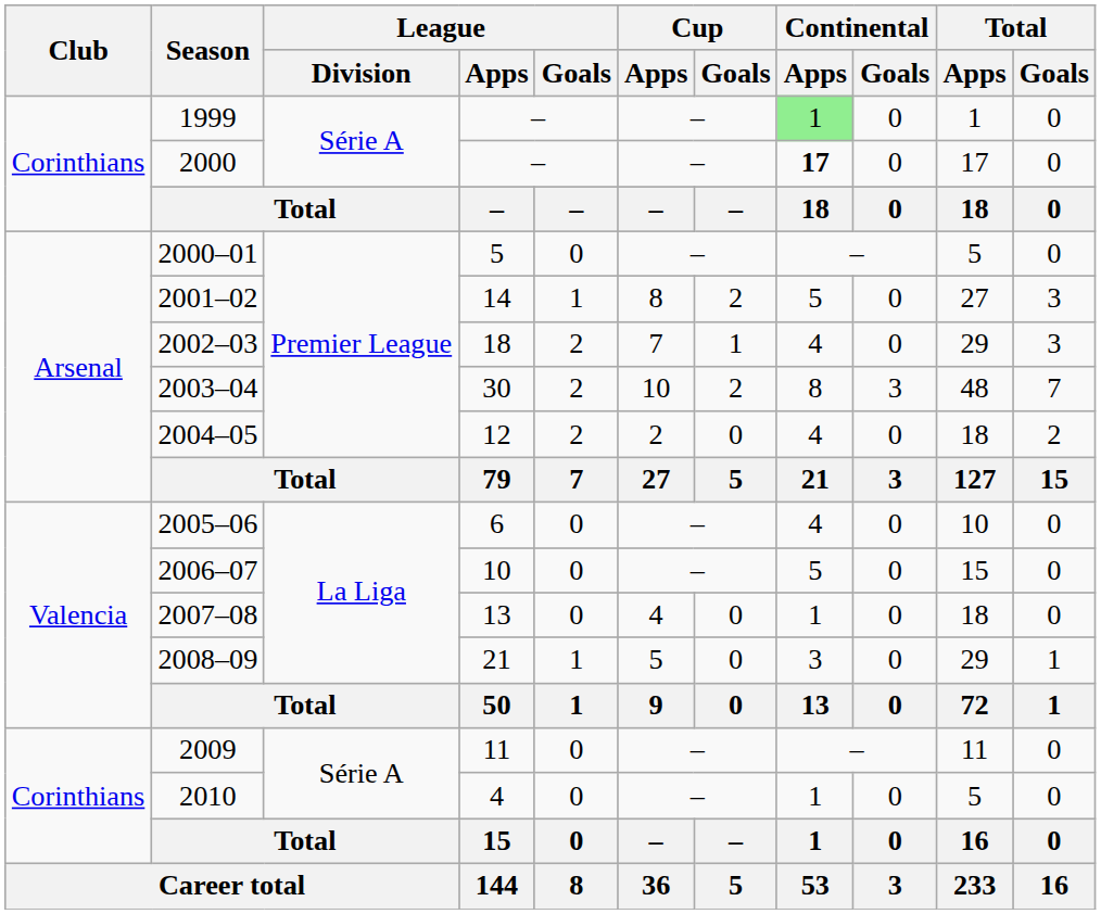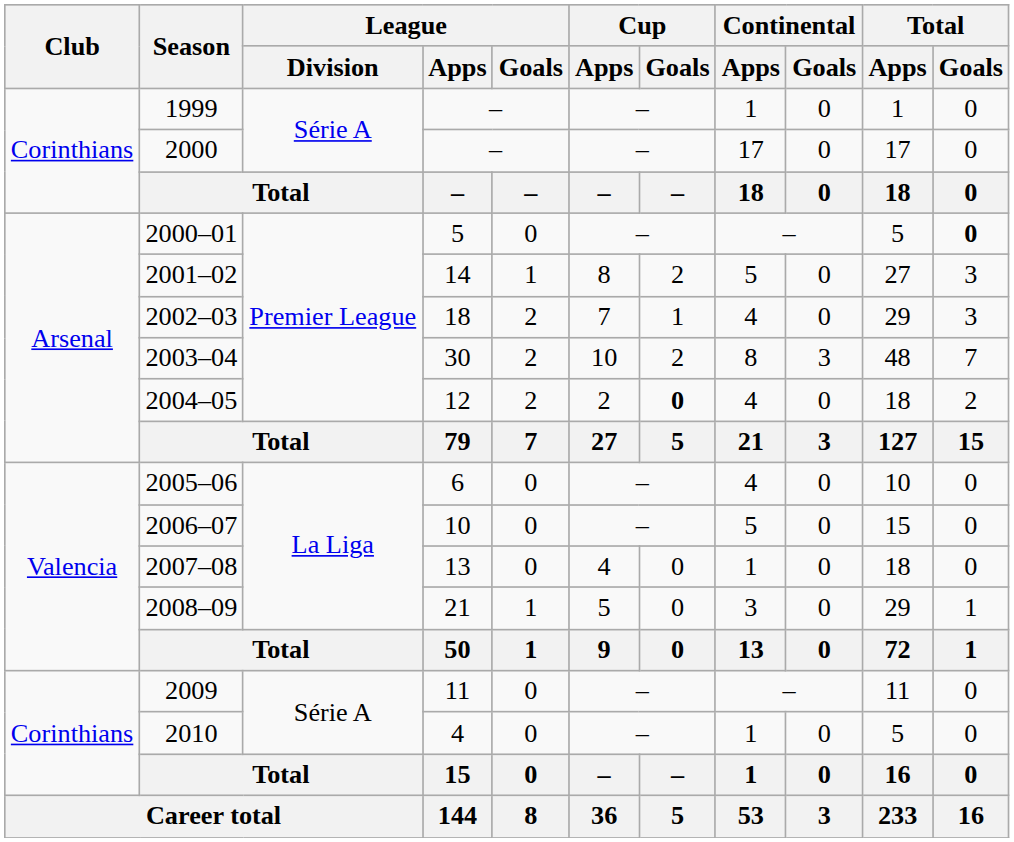 <table class="wikitable" style="text-align:center">
 <tr>
 <th rowspan="2">Club</th>
 <th rowspan="2">Season</th>
 <th colspan="3">League</th>
 <th colspan="2">Cup</th>
 <th colspan="2">Continental</th>
 <th colspan="2">Total</th>
 </tr>
 <tr>
 <th>Division</th>
 <th>Apps</th>
 <th>Goals</th>
 <th>Apps</th>
 <th>Goals</th>
 <th>Apps</th>
 <th>Goals</th>
 <th>Apps</th>
 <th>Goals</th>
 </tr>
 <tr>
 <td rowspan="3"><a href='#'>Corinthians</a></td>
 <td>1999</td>
 <td rowspan="2"><a href='#'>Série A</a></td>
 <td colspan="2">–</td>
 <td colspan="2">–</td>
-<td style="background: lightgreen;">1</td>
+<td>1</td>
 <td>0</td>
 <td>1</td>
 <td>0</td>
 </tr>
 <tr>
 <td>2000</td>
 <td colspan="2">–</td>
 <td colspan="2">–</td>
-<td><strong>17</strong></td>
+<td>17</td>
 <td>0</td>
 <td>17</td>
 <td>0</td>
 </tr>
 <tr>
 <th colspan="2">Total</th>
 <th>–</th>
 <th>–</th>
 <th>–</th>
 <th>–</th>
 <th>18</th>
 <th>0</th>
 <th>18</th>
 <th>0</th>
 </tr>
 <tr>
 <td rowspan="6"><a href='#'>Arsenal</a></td>
 <td>2000–01</td>
 <td rowspan="5"><a href='#'>Premier League</a></td>
 <td>5</td>
 <td>0</td>
 <td colspan="2">–</td>
 <td colspan="2">–</td>
 <td>5</td>
-<td>0</td>
+<td><strong>0</strong></td>
 </tr>
 <tr>
 <td>2001–02</td>
 <td>14</td>
 <td>1</td>
 <td>8</td>
 <td>2</td>
 <td>5</td>
 <td>0</td>
 <td>27</td>
 <td>3</td>
 </tr>
 <tr>
 <td>2002–03</td>
 <td>18</td>
 <td>2</td>
 <td>7</td>
 <td>1</td>
 <td>4</td>
 <td>0</td>
 <td>29</td>
 <td>3</td>
 </tr>
 <tr>
 <td>2003–04</td>
 <td>30</td>
 <td>2</td>
 <td>10</td>
 <td>2</td>
 <td>8</td>
 <td>3</td>
 <td>48</td>
 <td>7</td>
 </tr>
 <tr>
 <td>2004–05</td>
 <td>12</td>
 <td>2</td>
 <td>2</td>
-<td>0</td>
+<td><strong>0</strong></td>
 <td>4</td>
 <td>0</td>
 <td>18</td>
 <td>2</td>
 </tr>
 <tr>
 <th colspan="2">Total</th>
 <th>79</th>
 <th>7</th>
 <th>27</th>
 <th>5</th>
 <th>21</th>
 <th>3</th>
 <th>127</th>
 <th>15</th>
 </tr>
 <tr>
 <td rowspan="5"><a href='#'>Valencia</a></td>
 <td>2005–06</td>
 <td rowspan="4"><a href='#'>La Liga</a></td>
 <td>6</td>
 <td>0</td>
 <td colspan="2">–</td>
 <td>4</td>
 <td>0</td>
 <td>10</td>
 <td>0</td>
 </tr>
 <tr>
 <td>2006–07</td>
 <td>10</td>
 <td>0</td>
 <td colspan="2">–</td>
 <td>5</td>
 <td>0</td>
 <td>15</td>
 <td>0</td>
 </tr>
 <tr>
 <td>2007–08</td>
 <td>13</td>
 <td>0</td>
 <td>4</td>
 <td>0</td>
 <td>1</td>
 <td>0</td>
 <td>18</td>
 <td>0</td>
 </tr>
 <tr>
 <td>2008–09</td>
 <td>21</td>
 <td>1</td>
 <td>5</td>
 <td>0</td>
 <td>3</td>
 <td>0</td>
 <td>29</td>
 <td>1</td>
 </tr>
 <tr>
 <th colspan="2">Total</th>
 <th>50</th>
 <th>1</th>
 <th>9</th>
 <th>0</th>
 <th>13</th>
 <th>0</th>
 <th>72</th>
 <th>1</th>
 </tr>
 <tr>
 <td rowspan="3"><a href='#'>Corinthians</a></td>
 <td>2009</td>
 <td rowspan="2">Série A</td>
 <td>11</td>
 <td>0</td>
 <td colspan="2">–</td>
 <td colspan="2">–</td>
 <td>11</td>
 <td>0</td>
 </tr>
 <tr>
 <td>2010</td>
 <td>4</td>
 <td>0</td>
 <td colspan="2">–</td>
 <td>1</td>
 <td>0</td>
 <td>5</td>
 <td>0</td>
 </tr>
 <tr>
 <th colspan="2">Total</th>
 <th>15</th>
 <th>0</th>
 <th>–</th>
 <th>–</th>
 <th>1</th>
 <th>0</th>
 <th>16</th>
 <th>0</th>
 </tr>
 <tr>
 <th colspan="3">Career total</th>
 <th>144</th>
 <th>8</th>
 <th>36</th>
 <th>5</th>
 <th>53</th>
 <th>3</th>
 <th>233</th>
 <th>16</th>
 </tr>
 </table>
